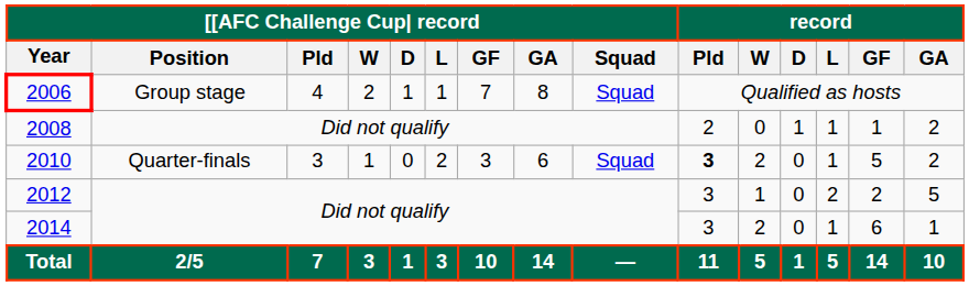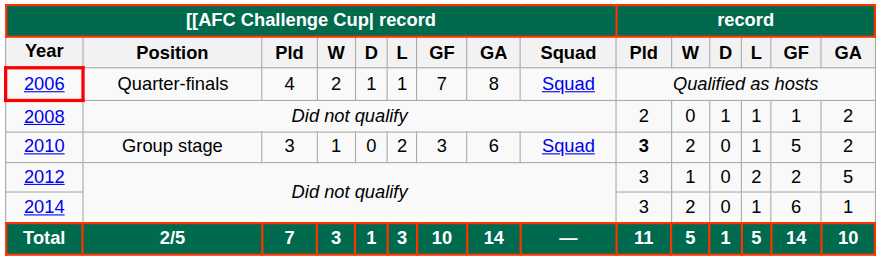 <table class="wikitable"  style="text-align: center;font-size:105%;width: 800px">
 <tr>
 <th colspan=9 style="background: #006a4e;border: 2px solid #ff3300;color: #FFFFFF;">[[AFC Challenge Cup| record</th>
 <th colspan=7 style="background: #006a4e;border: 2px solid #ff3300;color: #FFFFFF;"> record</th>
 </tr>
 <tr>
 <th>Year</th>
 <th>Position</th>
 <th>Pld</th>
 <th>W</th>
 <th>D</th>
 <th>L</th>
 <th>GF</th>
 <th>GA</th>
 <th>Squad</th>
 <th>Pld</th>
 <th>W</th>
 <th>D</th>
 <th>L</th>
 <th>GF</th>
 <th>GA</th>
 </tr>
 <tr>
 <td style="border: 3px solid red"> <a href='#'>2006</a></td>
-<td>Group stage</td>
+<td>Quarter-finals</td>
 <td>4</td>
 <td>2</td>
 <td>1</td>
 <td>1</td>
 <td>7</td>
 <td>8</td>
 <td><a href='#'>Squad</a></td>
 <td colspan=7><em>Qualified as hosts</em></td>
 </tr>
 <tr>
 <td> <a href='#'>2008</a></td>
 <td colspan=8><em>Did not qualify</em></td>
 <td>2</td>
 <td>0</td>
 <td>1</td>
 <td>1</td>
 <td>1</td>
 <td>2</td>
 </tr>
 <tr>
 <td> <a href='#'>2010</a></td>
-<td>Quarter-finals</td>
+<td>Group stage</td>
 <td>3</td>
 <td>1</td>
 <td>0</td>
 <td>2</td>
 <td>3</td>
 <td>6</td>
 <td><a href='#'>Squad</a></td>
 <td><strong>3</strong></td>
 <td>2</td>
 <td>0</td>
 <td>1</td>
 <td>5</td>
 <td>2</td>
 </tr>
 <tr>
 <td> <a href='#'>2012</a></td>
 <td rowspan=2 colspan=8><em>Did not qualify</em></td>
 <td>3</td>
 <td>1</td>
 <td>0</td>
 <td>2</td>
 <td>2</td>
 <td>5</td>
 </tr>
 <tr>
 <td> <a href='#'>2014</a></td>
 <td>3</td>
 <td>2</td>
 <td>0</td>
 <td>1</td>
 <td>6</td>
 <td>1</td>
 </tr>
 <tr>
 <td style="background: #006a4e;border: 2px solid #ff3300;color:white; "><strong>Total</strong></td>
 <td style="background: #006a4e;border: 2px solid #ff3300;color:white; "><strong>2/5</strong></td>
 <td style="background: #006a4e;border: 2px solid #ff3300;color:white; "><strong>7</strong></td>
 <td style="background: #006a4e;border: 2px solid #ff3300;color:white; "><strong>3</strong></td>
 <td style="background: #006a4e;border: 2px solid #ff3300;color:white; "><strong>1</strong></td>
 <td style="background: #006a4e;border: 2px solid #ff3300;color:white; "><strong>3</strong></td>
 <td style="background: #006a4e;border: 2px solid #ff3300;color:white; "><strong>10</strong></td>
 <td style="background: #006a4e;border: 2px solid #ff3300;color:white; "><strong>14</strong></td>
 <td style="background: #006a4e;border: 2px solid #ff3300;color:white; "><strong>—</strong></td>
 <td style="background: #006a4e;border: 2px solid #ff3300;color:white; "><strong>11</strong></td>
 <td style="background: #006a4e;border: 2px solid #ff3300;color:white; "><strong>5</strong></td>
 <td style="background: #006a4e;border: 2px solid #ff3300;color:white; "><strong>1</strong></td>
 <td style="background: #006a4e;border: 2px solid #ff3300;color:white; "><strong>5</strong></td>
 <td style="background: #006a4e;border: 2px solid #ff3300;color:white; "><strong>14</strong></td>
 <td style="background: #006a4e;border: 2px solid #ff3300;color:white; "><strong>10</strong></td>
 </tr>
 </table>
